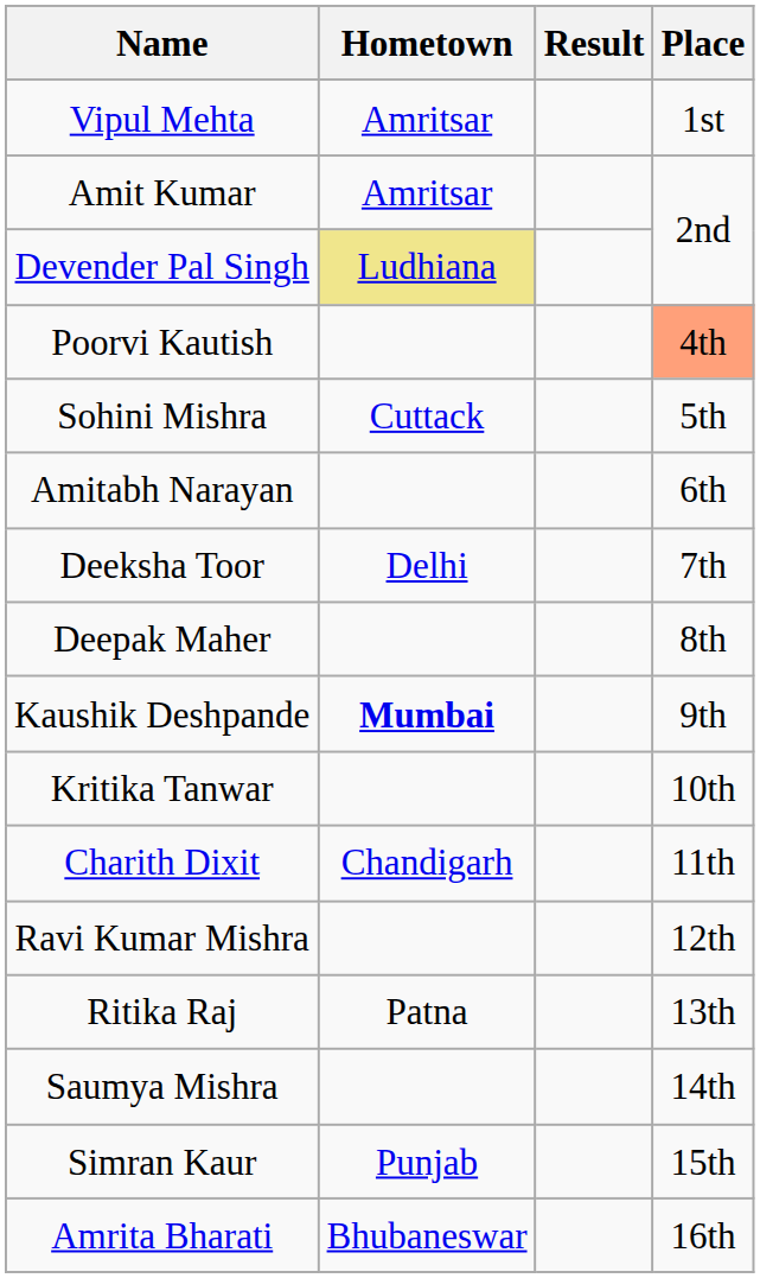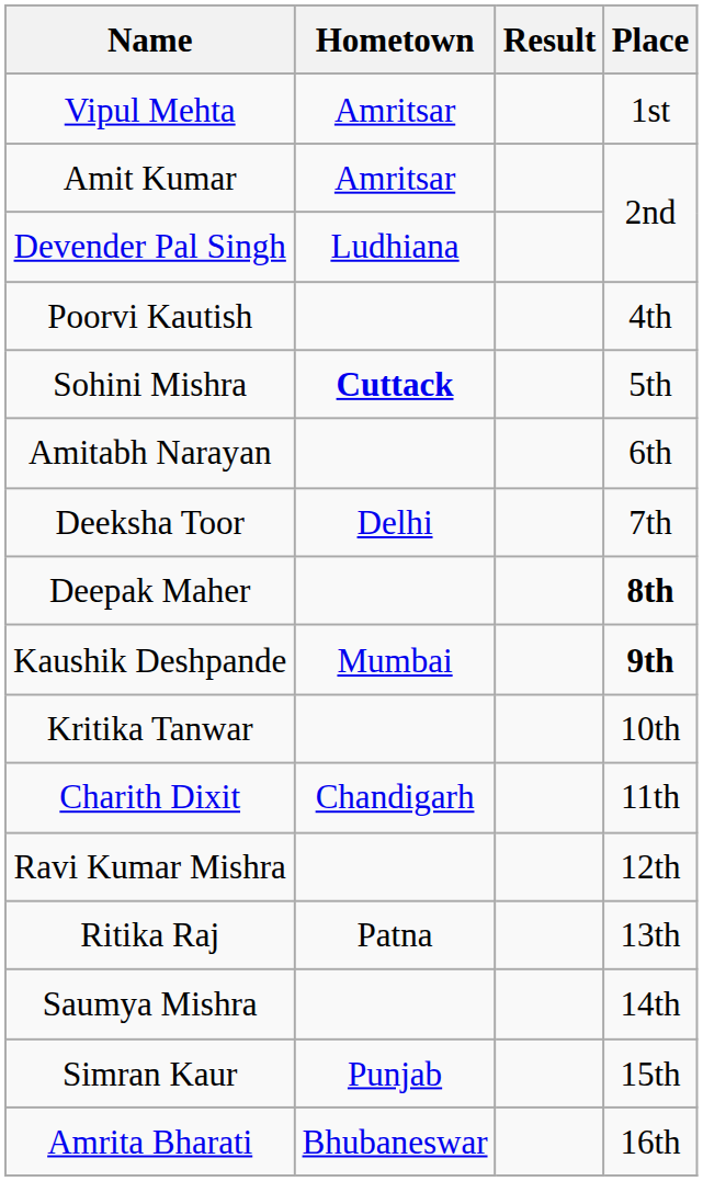 <table class="wikitable sortable" style=" text-align:center; line-height:25px; width:auto;">
 <tr>
 <th>Name</th>
 <th>Hometown</th>
 <th>Result</th>
 <th>Place</th>
 </tr>
 <tr>
 <td><a href='#'>Vipul Mehta</a></td>
 <td><a href='#'>Amritsar</a></td>
 <td></td>
 <td>1st</td>
 </tr>
 <tr>
 <td>Amit Kumar</td>
 <td><a href='#'>Amritsar</a></td>
 <td></td>
 <td rowspan="2">2nd</td>
 </tr>
 <tr>
 <td><a href='#'>Devender Pal Singh</a></td>
-<td style="background: khaki;"><a href='#'>Ludhiana</a></td>
+<td><a href='#'>Ludhiana</a></td>
 <td></td>
 </tr>
 <tr>
 <td>Poorvi Kautish</td>
 <td></td>
 <td></td>
-<td style="background: lightsalmon;">4th</td>
+<td>4th</td>
 </tr>
 <tr>
 <td>Sohini Mishra</td>
-<td><a href='#'>Cuttack</a></td>
+<td><strong><a href='#'>Cuttack</a></strong></td>
 <td></td>
 <td>5th</td>
 </tr>
 <tr>
 <td>Amitabh Narayan</td>
 <td></td>
 <td></td>
 <td>6th</td>
 </tr>
 <tr>
 <td>Deeksha Toor</td>
 <td><a href='#'>Delhi</a></td>
 <td></td>
 <td>7th</td>
 </tr>
 <tr>
 <td>Deepak Maher</td>
 <td></td>
 <td></td>
-<td>8th</td>
+<td><strong>8th</strong></td>
 </tr>
 <tr>
 <td>Kaushik Deshpande</td>
-<td><strong><a href='#'>Mumbai</a></strong></td>
+<td><a href='#'>Mumbai</a></td>
 <td></td>
-<td>9th</td>
+<td><strong>9th</strong></td>
 </tr>
 <tr>
 <td>Kritika Tanwar</td>
 <td></td>
 <td></td>
 <td>10th</td>
 </tr>
 <tr>
 <td><a href='#'>Charith Dixit</a></td>
 <td><a href='#'>Chandigarh</a></td>
 <td></td>
 <td>11th</td>
 </tr>
 <tr>
 <td>Ravi Kumar Mishra</td>
 <td></td>
 <td></td>
 <td>12th</td>
 </tr>
 <tr>
 <td>Ritika Raj</td>
 <td>Patna</td>
 <td></td>
 <td>13th</td>
 </tr>
 <tr>
 <td>Saumya Mishra</td>
 <td></td>
 <td></td>
 <td>14th</td>
 </tr>
 <tr>
 <td>Simran Kaur</td>
 <td><a href='#'>Punjab</a></td>
 <td></td>
 <td>15th</td>
 </tr>
 <tr>
 <td><a href='#'>Amrita Bharati</a></td>
 <td><a href='#'>Bhubaneswar</a></td>
 <td></td>
 <td>16th</td>
 </tr>
 </table>
